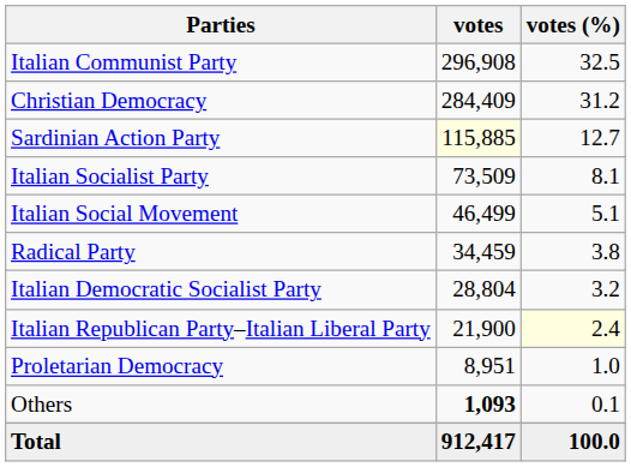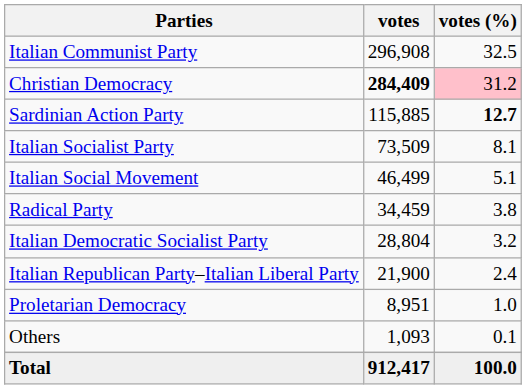 <table class="wikitable" style="font-size:95%">
 <tr bgcolor="EFEFEF">
 <th>Parties</th>
 <th>votes</th>
 <th>votes (%)</th>
 </tr>
 <tr>
 <td><a href='#'>Italian Communist Party</a></td>
 <td align=right>296,908</td>
 <td align=right>32.5</td>
 </tr>
 <tr>
 <td><a href='#'>Christian Democracy</a></td>
-<td align=right>284,409</td>
-<td align=right>31.2</td>
+<td align=right><strong>284,409</strong></td>
+<td align=right style="background: pink;">31.2</td>
 </tr>
 <tr>
 <td><a href='#'>Sardinian Action Party</a></td>
-<td align=right style="background: lightyellow;">115,885</td>
-<td align=right>12.7</td>
+<td align=right>115,885</td>
+<td align=right><strong>12.7</strong></td>
 </tr>
 <tr>
 <td><a href='#'>Italian Socialist Party</a></td>
 <td align=right>73,509</td>
 <td align=right>8.1</td>
 </tr>
 <tr>
 <td><a href='#'>Italian Social Movement</a></td>
 <td align=right>46,499</td>
 <td align=right>5.1</td>
 </tr>
 <tr>
 <td><a href='#'>Radical Party</a></td>
 <td align=right>34,459</td>
 <td align=right>3.8</td>
 </tr>
 <tr>
 <td><a href='#'>Italian Democratic Socialist Party</a></td>
 <td align=right>28,804</td>
 <td align=right>3.2</td>
 </tr>
 <tr>
 <td><a href='#'>Italian Republican Party</a>–<a href='#'>Italian Liberal Party</a></td>
 <td align=right>21,900</td>
-<td align=right style="background: lightyellow;">2.4</td>
+<td align=right>2.4</td>
 </tr>
 <tr>
 <td><a href='#'>Proletarian Democracy</a></td>
 <td align=right>8,951</td>
 <td align=right>1.0</td>
 </tr>
 <tr>
 <td>Others</td>
-<td align=right><strong>1,093</strong></td>
+<td align=right>1,093</td>
 <td align=right>0.1</td>
 </tr>
 <tr>
 </tr>
 <tr bgcolor="EFEFEF">
 <td><strong>Total</strong></td>
 <td align=right><strong>912,417</strong></td>
 <td align=right><strong>100.0</strong></td>
 </tr>
 </table>
